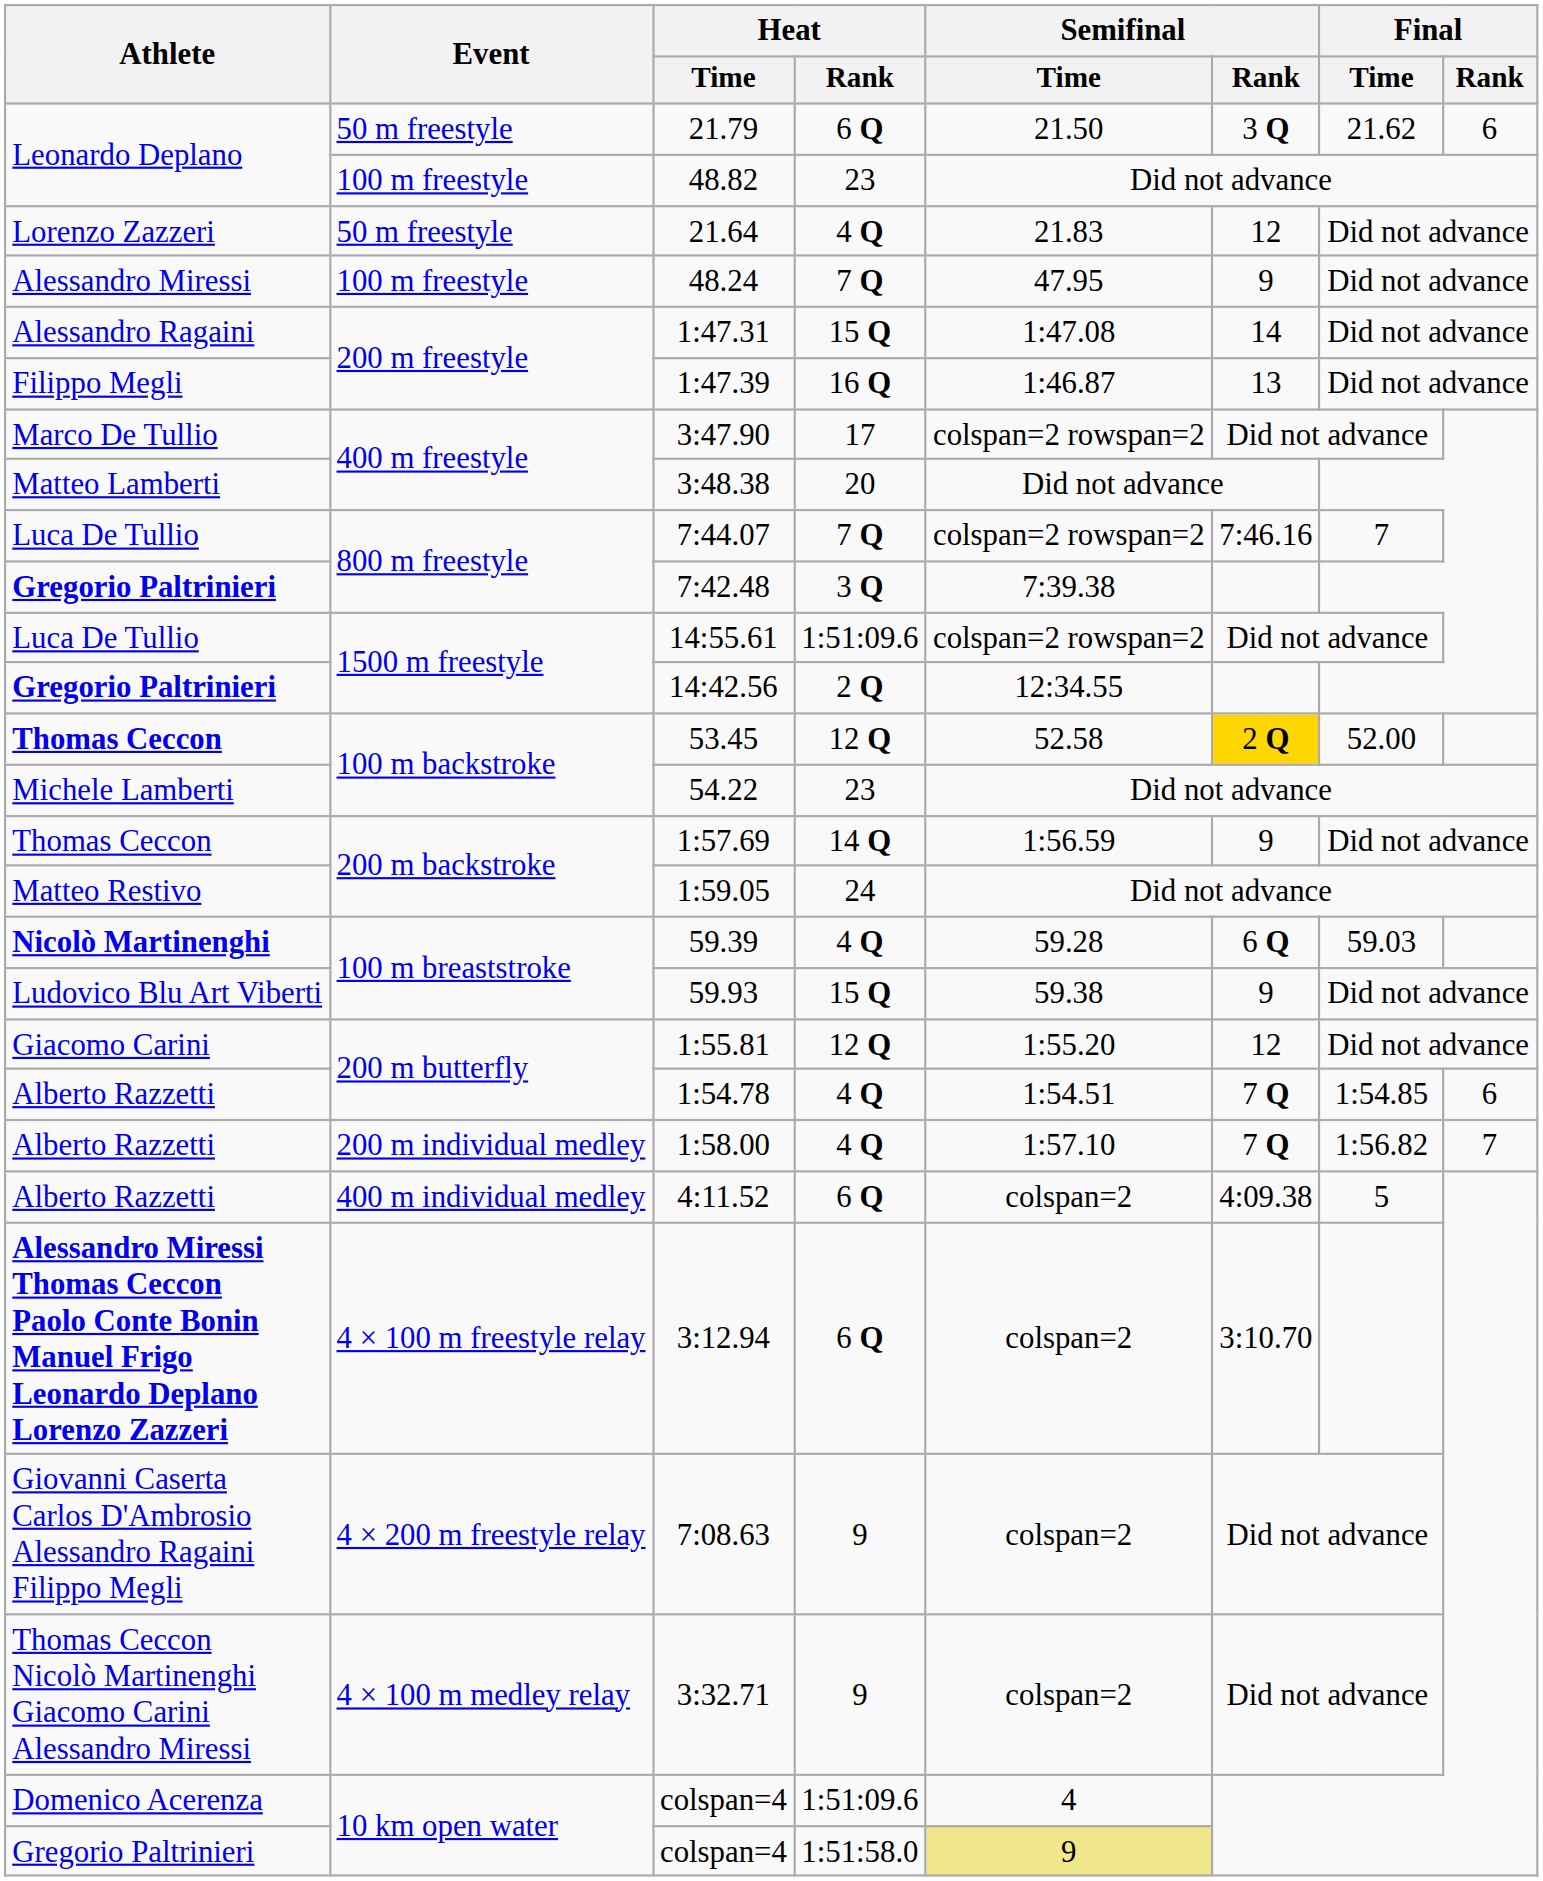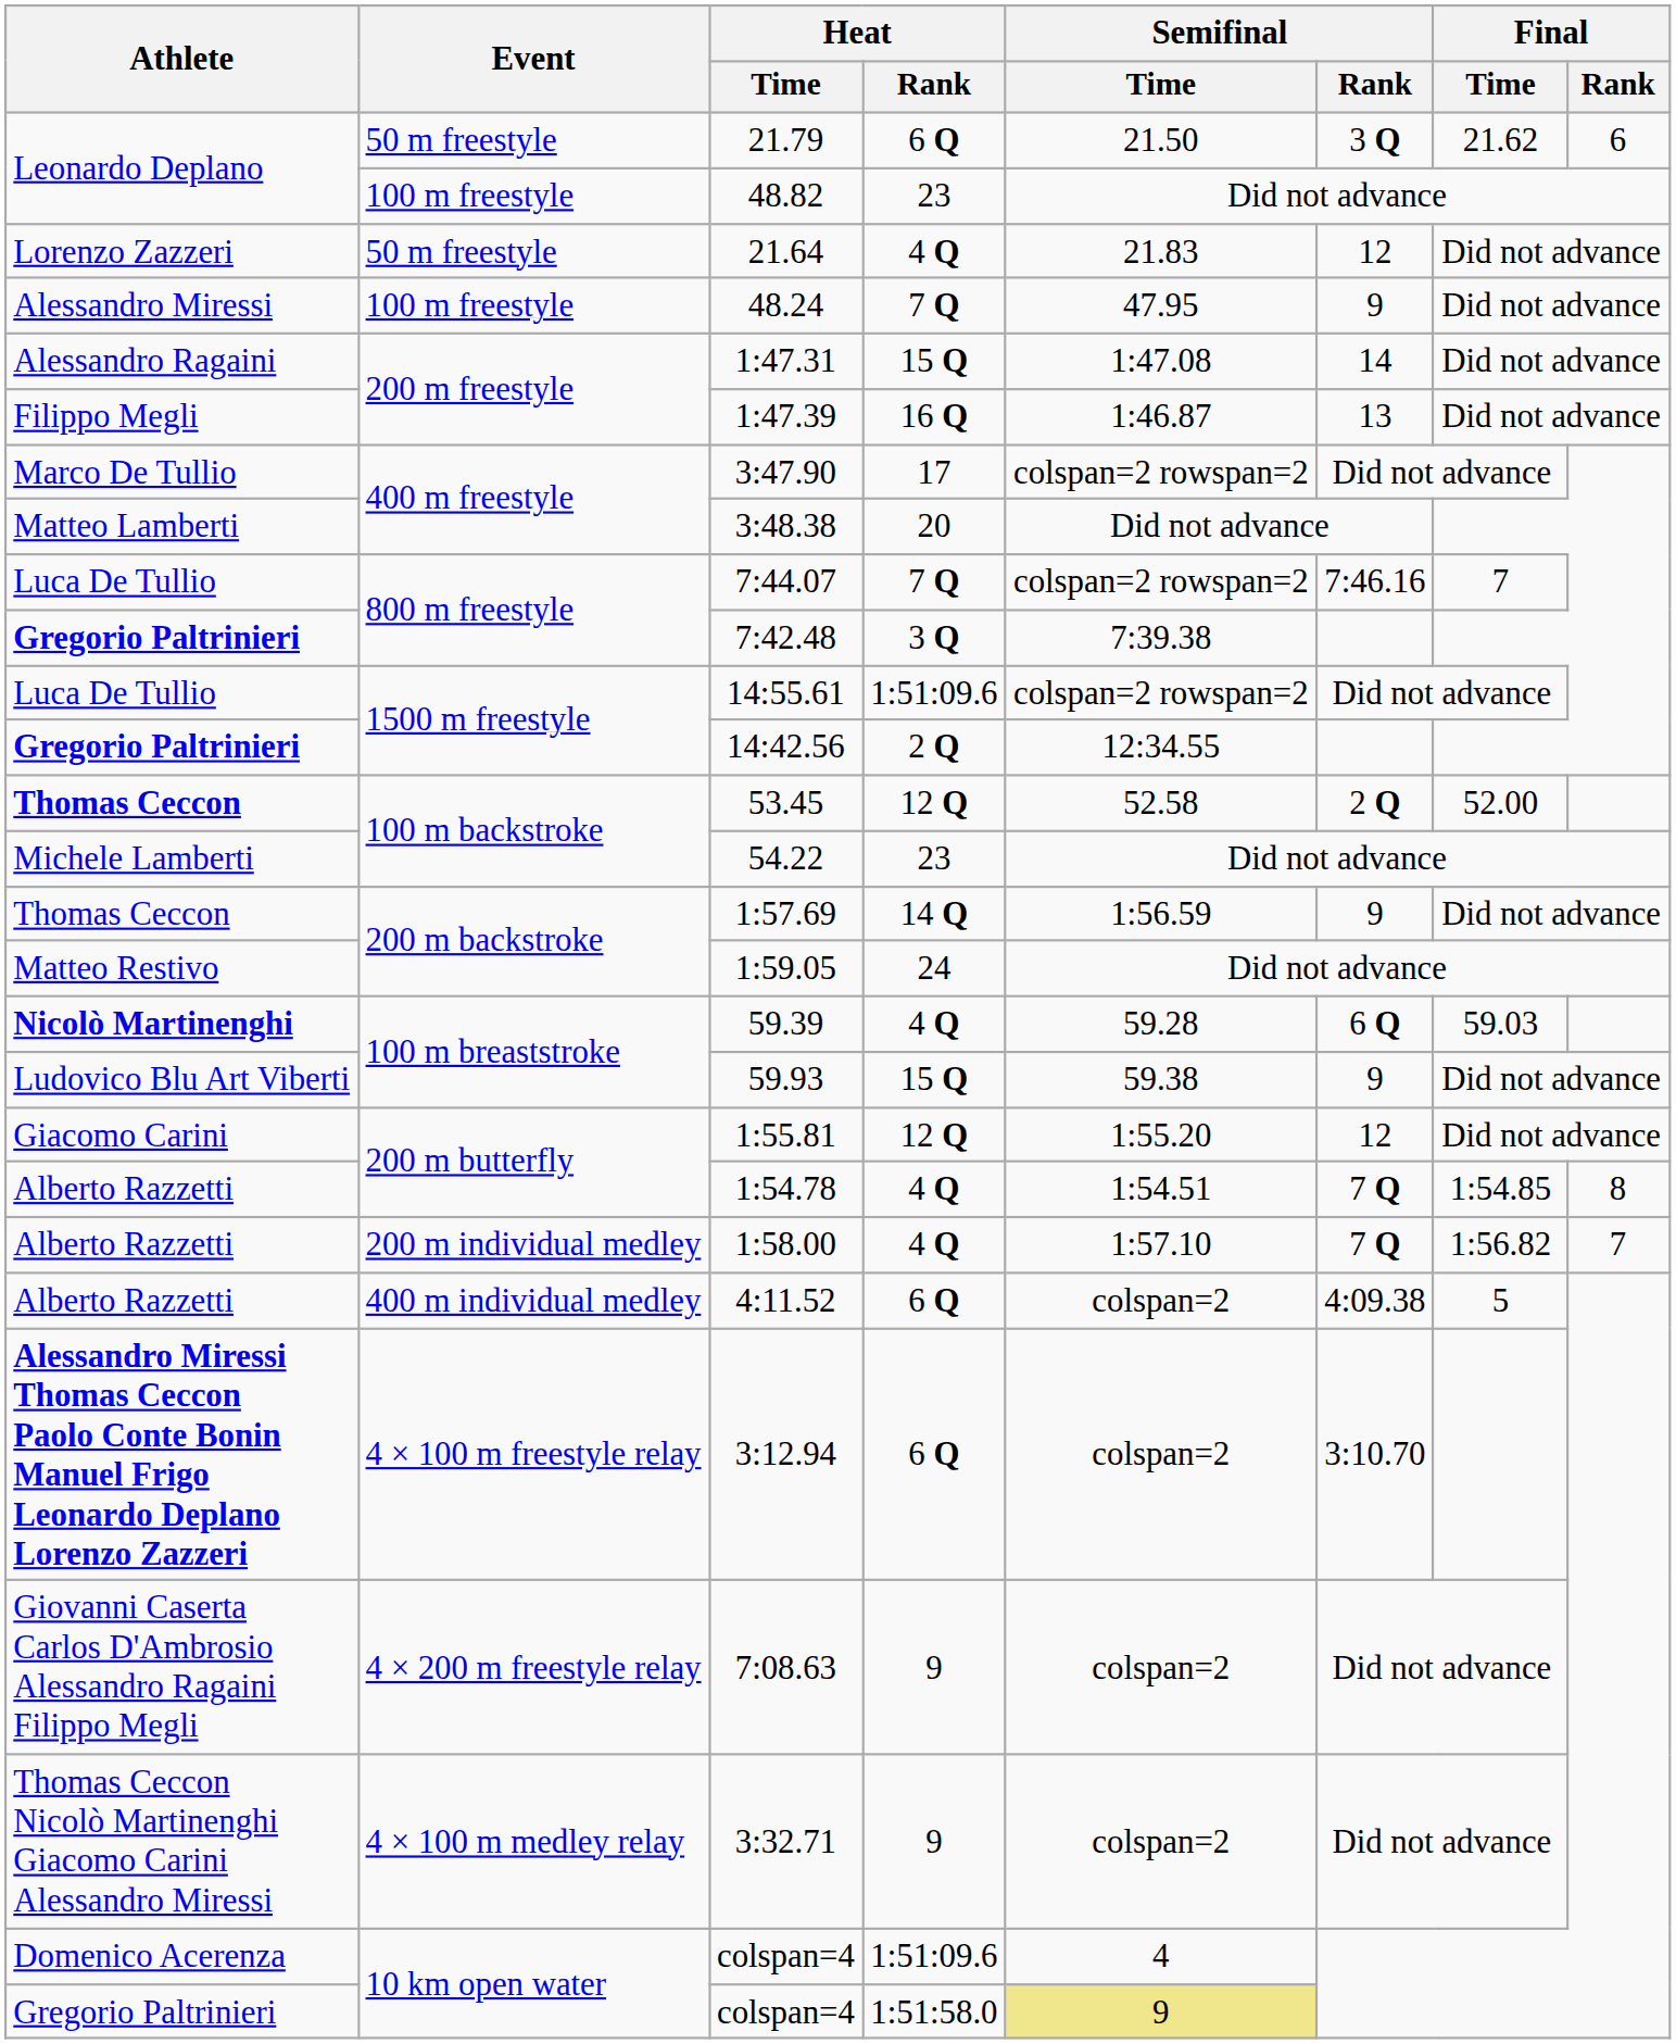 <table class=wikitable style="font-size:90%;">
 <tr>
 <th rowspan=2>Athlete</th>
 <th rowspan=2>Event</th>
 <th colspan=2>Heat</th>
 <th colspan=2>Semifinal</th>
 <th colspan=2>Final</th>
 </tr>
 <tr style="font-size:95%">
 <th>Time</th>
 <th>Rank</th>
 <th>Time</th>
 <th>Rank</th>
 <th>Time</th>
 <th>Rank</th>
 </tr>
 <tr align=center>
 <td align=left rowspan=2><a href='#'>Leonardo Deplano</a></td>
 <td align=left><a href='#'>50 m freestyle</a></td>
 <td>21.79</td>
 <td>6 <strong>Q</strong></td>
 <td>21.50</td>
 <td>3 <strong>Q</strong></td>
 <td>21.62</td>
 <td>6</td>
 </tr>
 <tr align=center>
 <td align=left><a href='#'>100 m freestyle</a></td>
 <td>48.82</td>
 <td>23</td>
 <td colspan=4>Did not advance</td>
 </tr>
 <tr align=center>
 <td align=left><a href='#'>Lorenzo Zazzeri</a></td>
 <td align=left><a href='#'>50 m freestyle</a></td>
 <td>21.64</td>
 <td>4 <strong>Q</strong></td>
 <td>21.83</td>
 <td>12</td>
 <td colspan=2>Did not advance</td>
 </tr>
 <tr align=center>
 <td align=left><a href='#'>Alessandro Miressi</a></td>
 <td align=left><a href='#'>100 m freestyle</a></td>
 <td>48.24</td>
 <td>7 <strong>Q</strong></td>
 <td>47.95</td>
 <td>9</td>
 <td colspan=2>Did not advance</td>
 </tr>
 <tr align=center>
 <td align=left><a href='#'>Alessandro Ragaini</a></td>
 <td rowspan="2" align="left"><a href='#'>200 m freestyle</a></td>
 <td>1:47.31</td>
 <td>15 <strong>Q</strong></td>
 <td>1:47.08</td>
 <td>14</td>
 <td colspan=2>Did not advance</td>
 </tr>
 <tr align=center>
 <td align=left><a href='#'>Filippo Megli</a></td>
 <td>1:47.39</td>
 <td>16 <strong>Q</strong></td>
 <td>1:46.87</td>
 <td>13</td>
 <td colspan=2>Did not advance</td>
 </tr>
 <tr align=center>
 <td align=left><a href='#'>Marco De Tullio</a></td>
 <td align=left rowspan=2><a href='#'>400 m freestyle</a></td>
 <td>3:47.90</td>
 <td>17</td>
 <td>colspan=2 rowspan=2 </td>
 <td colspan=2>Did not advance</td>
 </tr>
 <tr align=center>
 <td align=left><a href='#'>Matteo Lamberti</a></td>
 <td>3:48.38</td>
 <td>20</td>
 <td colspan=2>Did not advance</td>
 </tr>
 <tr align="center">
 <td align="left"><a href='#'>Luca De Tullio</a></td>
 <td rowspan="2" align="left"><a href='#'>800 m freestyle</a></td>
 <td>7:44.07</td>
 <td align="center">7 <strong>Q</strong></td>
 <td>colspan=2 rowspan=2 </td>
 <td>7:46.16</td>
 <td>7</td>
 </tr>
 <tr align="center">
 <td align="left"><strong><a href='#'>Gregorio Paltrinieri</a></strong></td>
 <td>7:42.48</td>
 <td>3 <strong>Q</strong></td>
 <td>7:39.38</td>
 <td></td>
 </tr>
 <tr align="center">
 <td align="left"><a href='#'>Luca De Tullio</a></td>
 <td rowspan="2" align="left"><a href='#'>1500 m freestyle</a></td>
 <td>14:55.61</td>
 <td>1:51:09.6</td>
 <td>colspan=2 rowspan=2 </td>
 <td colspan=2>Did not advance</td>
 </tr>
 <tr align="center">
 <td align="left"><strong><a href='#'>Gregorio Paltrinieri</a></strong></td>
 <td>14:42.56</td>
 <td>2 <strong>Q</strong></td>
 <td>12:34.55</td>
 <td></td>
 </tr>
 <tr align="center">
 <td align="left"><strong><a href='#'>Thomas Ceccon</a></strong></td>
 <td rowspan="2" align="left"><a href='#'>100 m backstroke</a></td>
 <td>53.45</td>
 <td>12 <strong>Q</strong></td>
 <td>52.58</td>
-<td style="background: gold;">2 <strong>Q</strong></td>
+<td>2 <strong>Q</strong></td>
 <td>52.00</td>
 <td></td>
 </tr>
 <tr align="center">
 <td align="left"><a href='#'>Michele Lamberti</a></td>
 <td>54.22</td>
 <td>23</td>
 <td colspan=4>Did not advance</td>
 </tr>
 <tr align="center">
 <td align="left"><a href='#'>Thomas Ceccon</a></td>
 <td rowspan="2" align="left"><a href='#'>200 m backstroke</a></td>
 <td>1:57.69</td>
 <td>14 <strong>Q</strong></td>
 <td>1:56.59</td>
 <td>9</td>
 <td colspan=2>Did not advance</td>
 </tr>
 <tr align="center">
 <td align="left"><a href='#'>Matteo Restivo</a></td>
 <td>1:59.05</td>
 <td>24</td>
 <td colspan=4>Did not advance</td>
 </tr>
 <tr align=center>
 <td align=left><strong><a href='#'>Nicolò Martinenghi</a></strong></td>
 <td align=left rowspan=2><a href='#'>100 m breaststroke</a></td>
 <td>59.39</td>
 <td>4 <strong>Q</strong></td>
 <td>59.28</td>
 <td>6 <strong>Q</strong></td>
 <td>59.03</td>
 <td></td>
 </tr>
 <tr align=center>
 <td align=left><a href='#'>Ludovico Blu Art Viberti</a></td>
 <td>59.93</td>
 <td>15 <strong>Q</strong></td>
 <td>59.38</td>
 <td>9</td>
 <td colspan=2>Did not advance</td>
 </tr>
 <tr align=center>
 <td align=left><a href='#'>Giacomo Carini</a></td>
 <td align=left rowspan=2><a href='#'>200 m butterfly</a></td>
 <td>1:55.81</td>
 <td>12 <strong>Q</strong></td>
 <td>1:55.20</td>
 <td>12</td>
 <td colspan=2>Did not advance</td>
 </tr>
 <tr align="center">
 <td align="left"><a href='#'>Alberto Razzetti</a></td>
 <td>1:54.78</td>
 <td>4 <strong>Q</strong></td>
 <td>1:54.51</td>
 <td>7 <strong>Q</strong></td>
 <td>1:54.85</td>
-<td>6</td>
+<td>8</td>
 </tr>
 <tr align=center>
 <td align=left><a href='#'>Alberto Razzetti</a></td>
 <td align=left><a href='#'>200 m individual medley</a></td>
 <td>1:58.00</td>
 <td>4 <strong>Q</strong></td>
 <td>1:57.10</td>
 <td>7 <strong>Q</strong></td>
 <td>1:56.82</td>
 <td>7</td>
 </tr>
 <tr align=center>
 <td align=left><a href='#'>Alberto Razzetti</a></td>
 <td align=left><a href='#'>400 m individual medley</a></td>
 <td>4:11.52</td>
 <td>6 <strong>Q</strong></td>
 <td>colspan=2 </td>
 <td>4:09.38</td>
 <td>5</td>
 </tr>
 <tr align=center>
 <td align=left><strong><a href='#'>Alessandro Miressi</a><br><a href='#'>Thomas Ceccon</a><br><a href='#'>Paolo Conte Bonin</a><br><a href='#'>Manuel Frigo</a><br><a href='#'>Leonardo Deplano</a><br><a href='#'>Lorenzo Zazzeri</a></strong></td>
 <td align=left><a href='#'>4 × 100 m freestyle relay</a></td>
 <td>3:12.94</td>
 <td>6 <strong>Q</strong></td>
 <td>colspan=2 </td>
 <td>3:10.70</td>
 <td></td>
 </tr>
 <tr align=center>
 <td align=left><a href='#'>Giovanni Caserta</a><br><a href='#'>Carlos D'Ambrosio</a><br><a href='#'>Alessandro Ragaini</a><br><a href='#'>Filippo Megli</a></td>
 <td align=left><a href='#'>4 × 200 m freestyle relay</a></td>
 <td>7:08.63</td>
 <td>9</td>
 <td>colspan=2 </td>
 <td colspan=2>Did not advance</td>
 </tr>
 <tr align=center>
 <td align=left><a href='#'>Thomas Ceccon</a><br><a href='#'>Nicolò Martinenghi</a><br><a href='#'>Giacomo Carini</a><br><a href='#'>Alessandro Miressi</a></td>
 <td align=left><a href='#'>4 × 100 m medley relay</a></td>
 <td>3:32.71</td>
 <td>9</td>
 <td>colspan=2 </td>
 <td colspan=2>Did not advance</td>
 </tr>
 <tr align=center>
 <td align=left><a href='#'>Domenico Acerenza</a></td>
 <td align=left rowspan=2><a href='#'>10 km open water</a></td>
 <td>colspan=4 </td>
 <td>1:51:09.6</td>
 <td>4</td>
 </tr>
 <tr align=center>
 <td align=left><a href='#'>Gregorio Paltrinieri</a></td>
 <td>colspan=4 </td>
 <td>1:51:58.0</td>
 <td style="background: khaki;">9</td>
 </tr>
 </table>
